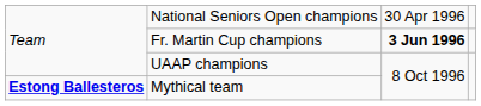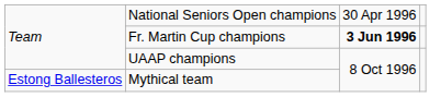 <table class=wikitable>
 <tr>
 <td rowspan=3><em>Team</em></td>
 <td>National Seniors Open champions</td>
 <td align=right>30 Apr 1996</td>
 <td align=center></td>
 </tr>
 <tr>
 <td>Fr. Martin Cup champions</td>
 <td align=right><strong>3 Jun 1996</strong></td>
 <td align=center></td>
 </tr>
 <tr>
 <td>UAAP champions</td>
 <td align=right rowspan=2>8 Oct 1996</td>
 <td align=center rowspan=2></td>
 </tr>
 <tr>
-<td><strong><a href='#'>Estong Ballesteros</a></strong></td>
+<td><a href='#'>Estong Ballesteros</a></td>
 <td>Mythical team</td>
 </tr>
 </table>
